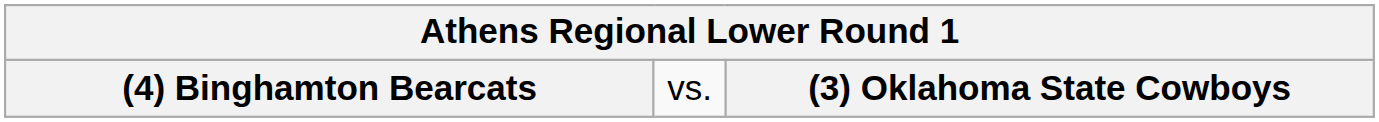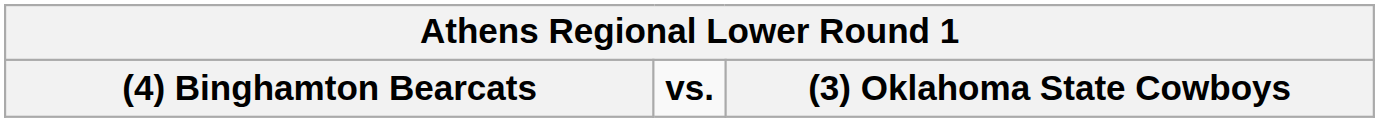 <table class="wikitable">
 <tr>
 <th style="width: 604px;" colspan=3>Athens Regional Lower Round 1</th>
 </tr>
 <tr>
 <th style="width: 289px; ">(4) Binghamton Bearcats</th>
-<td style="width: 25px; text-align:center">vs.</td>
+<td style="width: 25px; text-align:center"><strong>vs.</strong></td>
 <th style="width: 289px; ">(3) Oklahoma State Cowboys</th>
 </tr>
 </table>
